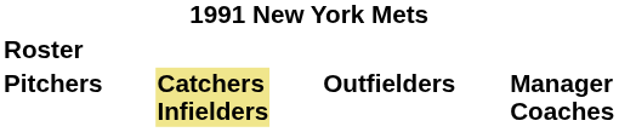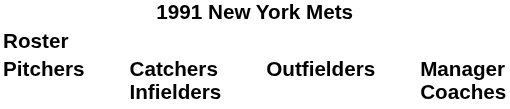 <table class="toccolours" style="font-size: 95%;">
 <tr>
 <th colspan="10">1991 New York Mets</th>
 </tr>
 <tr>
 <td colspan="10"><strong>Roster</strong></td>
 </tr>
 <tr>
 <td valign="top"><strong>Pitchers</strong><br>                 </td>
 <td width="25px"></td>
-<td valign="top" style="background: khaki;"><strong>Catchers</strong><br>    <strong>Infielders</strong>           </td>
+<td valign="top"><strong>Catchers</strong><br>    <strong>Infielders</strong>           </td>
 <td width="25px"></td>
 <td valign="top"><strong>Outfielders</strong><br>      </td>
 <td width="25px"></td>
 <td valign="top"><strong>Manager</strong><br>  <strong>Coaches</strong>     </td>
 </tr>
 </table>
